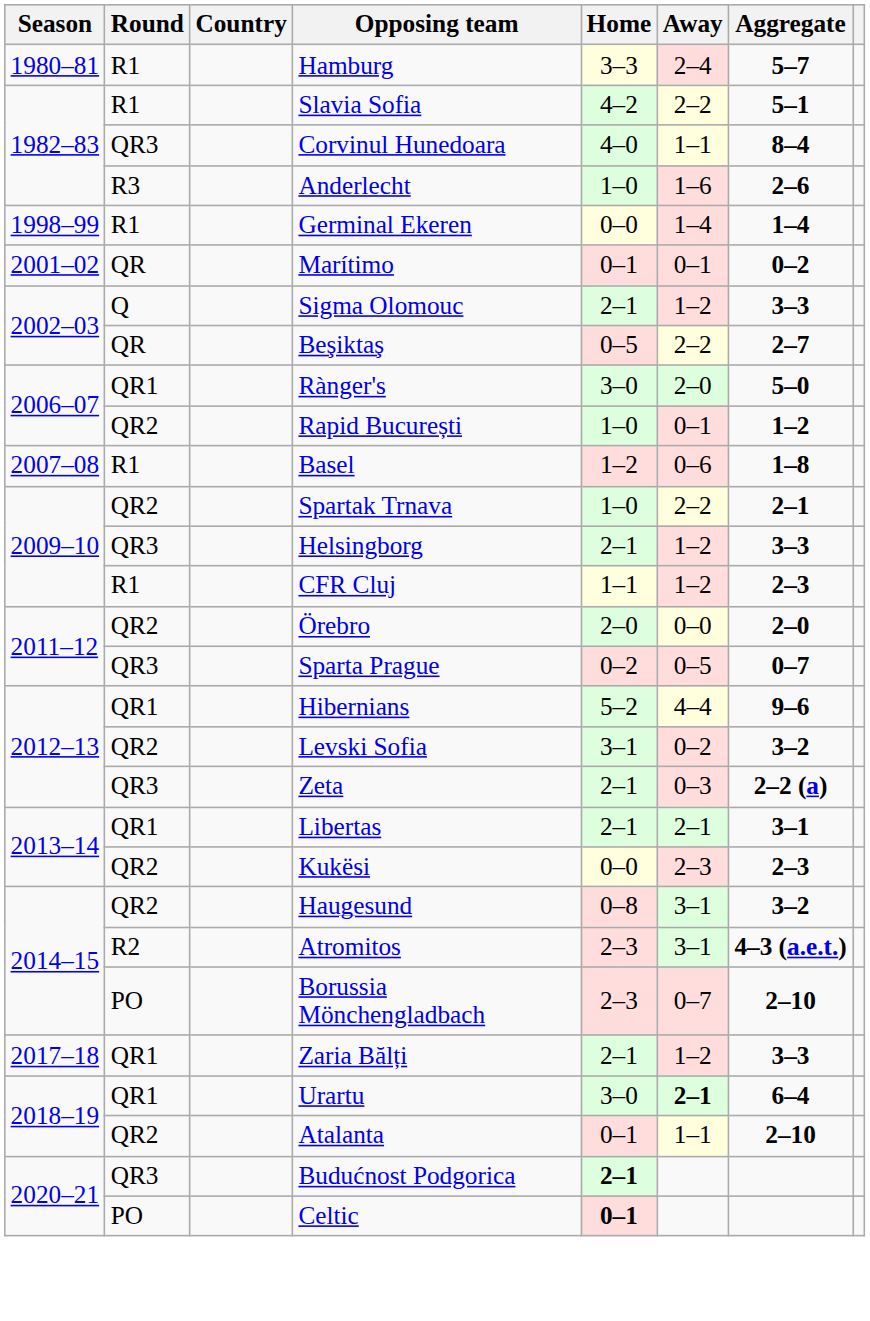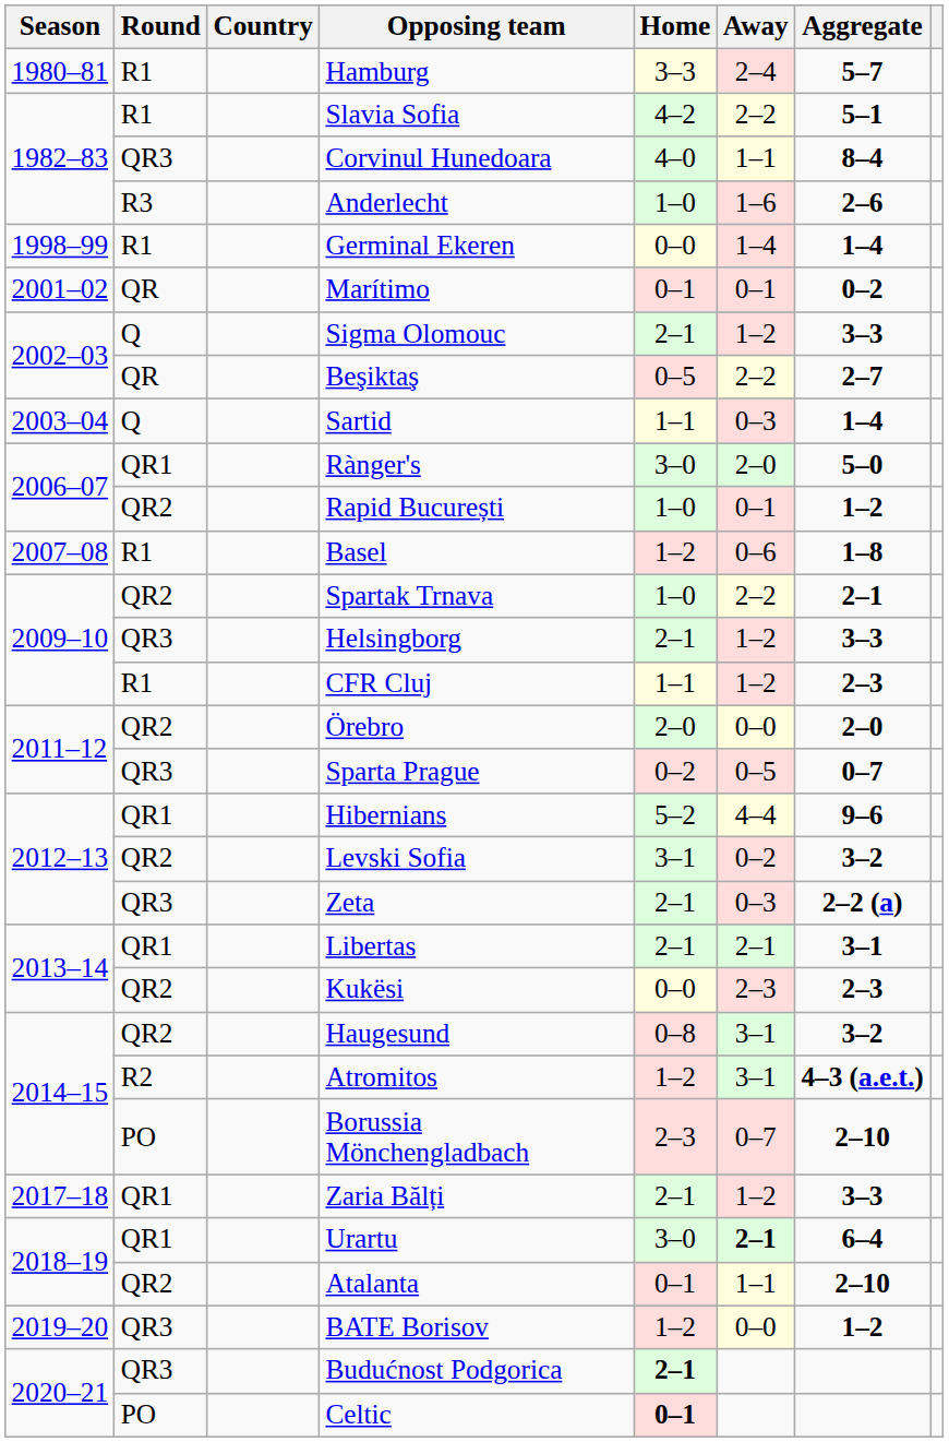 <table class="wikitable">
 <tr>
 <th>Season</th>
 <th>Round</th>
 <th>Country</th>
 <th width=175>Opposing team</th>
 <th>Home</th>
 <th>Away</th>
 <th>Aggregate</th>
 <th></th>
 </tr>
 <tr>
 <td><a href='#'>1980–81</a></td>
 <td>R1</td>
 <td></td>
 <td><a href='#'>Hamburg</a></td>
 <td style="text-align:center; background:#ffd;">3–3</td>
 <td style="text-align:center; background:#fdd;">2–4</td>
 <td style="text-align:center;"><strong>5–7</strong></td>
 <td></td>
 </tr>
 <tr>
 <td rowspan="3"><a href='#'>1982–83</a></td>
 <td>R1</td>
 <td></td>
 <td><a href='#'>Slavia Sofia</a></td>
 <td style="text-align:center; background:#dfd;">4–2</td>
 <td style="text-align:center; background:#ffd;">2–2</td>
 <td style="text-align:center;"><strong>5–1</strong></td>
 <td></td>
 </tr>
 <tr>
 <td>QR3</td>
 <td></td>
 <td><a href='#'>Corvinul Hunedoara</a></td>
 <td style="text-align:center; background:#dfd;">4–0</td>
 <td style="text-align:center; background:#ffd;">1–1</td>
 <td style="text-align:center;"><strong>8–4</strong></td>
 <td></td>
 </tr>
 <tr>
 <td>R3</td>
 <td></td>
 <td><a href='#'>Anderlecht</a></td>
 <td style="text-align:center; background:#dfd;">1–0</td>
 <td style="text-align:center; background:#fdd;">1–6</td>
 <td style="text-align:center;"><strong>2–6</strong></td>
 <td></td>
 </tr>
 <tr>
 <td><a href='#'>1998–99</a></td>
 <td>R1</td>
 <td></td>
 <td><a href='#'>Germinal Ekeren</a></td>
 <td style="text-align:center; background:#ffd;">0–0</td>
 <td style="text-align:center; background:#fdd;">1–4</td>
 <td style="text-align:center;"><strong>1–4</strong></td>
 <td></td>
 </tr>
 <tr>
 <td><a href='#'>2001–02</a></td>
 <td>QR</td>
 <td></td>
 <td><a href='#'>Marítimo</a></td>
 <td style="text-align:center; background:#fdd;">0–1</td>
 <td style="text-align:center; background:#fdd;">0–1</td>
 <td style="text-align:center;"><strong>0–2</strong></td>
 <td></td>
 </tr>
 <tr>
 <td rowspan="2"><a href='#'>2002–03</a></td>
 <td>Q</td>
 <td></td>
 <td><a href='#'>Sigma Olomouc</a></td>
 <td style="text-align:center; background:#dfd;">2–1</td>
 <td style="text-align:center; background:#fdd;">1–2</td>
 <td style="text-align:center;"><strong>3–3 </strong></td>
 <td></td>
 </tr>
 <tr>
 <td>QR</td>
 <td></td>
 <td><a href='#'>Beşiktaş</a></td>
 <td style="text-align:center; background:#fdd;">0–5</td>
 <td style="text-align:center; background:#ffd;">2–2</td>
 <td style="text-align:center;"><strong>2–7</strong></td>
+<td></td>
+</tr>
+<tr>
+<td><a href='#'>2003–04</a></td>
+<td>Q</td>
+<td></td>
+<td><a href='#'>Sartid</a></td>
+<td style="text-align:center; background:#ffd;">1–1</td>
+<td style="text-align:center; background:#fdd;">0–3</td>
+<td style="text-align:center;"><strong>1–4</strong></td>
 <td></td>
 </tr>
 <tr>
 <td rowspan="2"><a href='#'>2006–07</a></td>
 <td>QR1</td>
 <td></td>
 <td><a href='#'>Rànger's</a></td>
 <td style="text-align:center; background:#dfd;">3–0</td>
 <td style="text-align:center; background:#dfd;">2–0</td>
 <td style="text-align:center;"><strong>5–0</strong></td>
 <td></td>
 </tr>
 <tr>
 <td>QR2</td>
 <td></td>
 <td><a href='#'>Rapid București</a></td>
 <td style="text-align:center; background:#dfd;">1–0</td>
 <td style="text-align:center; background:#fdd;">0–1</td>
 <td style="text-align:center;"><strong>1–2</strong></td>
 <td></td>
 </tr>
 <tr>
 <td><a href='#'>2007–08</a></td>
 <td>R1</td>
 <td></td>
 <td><a href='#'>Basel</a></td>
 <td style="text-align:center; background:#fdd;">1–2</td>
 <td style="text-align:center; background:#fdd;">0–6</td>
 <td style="text-align:center;"><strong>1–8</strong></td>
 <td></td>
 </tr>
 <tr>
 <td rowspan="3"><a href='#'>2009–10</a></td>
 <td>QR2</td>
 <td></td>
 <td><a href='#'>Spartak Trnava</a></td>
 <td style="text-align:center; background:#dfd;">1–0</td>
 <td style="text-align:center; background:#ffd;">2–2</td>
 <td style="text-align:center;"><strong>2–1</strong></td>
 <td></td>
 </tr>
 <tr>
 <td>QR3</td>
 <td></td>
 <td><a href='#'>Helsingborg</a></td>
 <td style="text-align:center; background:#dfd;">2–1</td>
 <td style="text-align:center; background:#fdd;">1–2</td>
 <td style="text-align:center;"><strong>3–3 </strong></td>
 <td></td>
 </tr>
 <tr>
 <td>R1</td>
 <td></td>
 <td><a href='#'>CFR Cluj</a></td>
 <td style="text-align:center; background:#ffd;">1–1</td>
 <td style="text-align:center; background:#fdd;">1–2</td>
 <td style="text-align:center;"><strong>2–3</strong></td>
 <td></td>
 </tr>
 <tr>
 <td rowspan="2"><a href='#'>2011–12</a></td>
 <td>QR2</td>
 <td></td>
 <td><a href='#'>Örebro</a></td>
 <td style="text-align:center; background:#dfd;">2–0</td>
 <td style="text-align:center; background:#ffd;">0–0</td>
 <td style="text-align:center;"><strong>2–0</strong></td>
 <td></td>
 </tr>
 <tr>
 <td>QR3</td>
 <td></td>
 <td><a href='#'>Sparta Prague</a></td>
 <td style="text-align:center; background:#fdd;">0–2</td>
 <td style="text-align:center; background:#fdd;">0–5</td>
 <td style="text-align:center;"><strong>0–7</strong></td>
 <td></td>
 </tr>
 <tr>
 <td rowspan="3"><a href='#'>2012–13</a></td>
 <td>QR1</td>
 <td></td>
 <td><a href='#'>Hibernians</a></td>
 <td style="text-align:center; background:#dfd;">5–2</td>
 <td style="text-align:center; background:#ffd;">4–4</td>
 <td style="text-align:center;"><strong>9–6</strong></td>
 <td></td>
 </tr>
 <tr>
 <td>QR2</td>
 <td></td>
 <td><a href='#'>Levski Sofia</a></td>
 <td style="text-align:center; background:#dfd;">3–1</td>
 <td style="text-align:center; background:#fdd;">0–2</td>
 <td style="text-align:center;"><strong>3–2</strong></td>
 <td></td>
 </tr>
 <tr>
 <td>QR3</td>
 <td></td>
 <td><a href='#'>Zeta</a></td>
 <td style="text-align:center; background:#dfd;">2–1</td>
 <td style="text-align:center; background:#fdd;">0–3</td>
 <td style="text-align:center;"><strong>2–2 (<a href='#'>a</a>)</strong></td>
 <td></td>
 </tr>
 <tr>
 <td rowspan="2"><a href='#'>2013–14</a></td>
 <td>QR1</td>
 <td></td>
 <td><a href='#'>Libertas</a></td>
 <td style="text-align:center; background:#dfd;">2–1</td>
 <td style="text-align:center; background:#dfd;">2–1</td>
 <td style="text-align:center;"><strong>3–1</strong></td>
 <td></td>
 </tr>
 <tr>
 <td>QR2</td>
 <td></td>
 <td><a href='#'>Kukësi</a></td>
 <td style="text-align:center; background:#ffd;">0–0</td>
 <td style="text-align:center; background:#fdd;">2–3</td>
 <td style="text-align:center;"><strong>2–3</strong></td>
 <td></td>
 </tr>
 <tr>
 <td rowspan="3"><a href='#'>2014–15</a></td>
 <td>QR2</td>
 <td></td>
 <td><a href='#'>Haugesund</a></td>
 <td style="text-align:center; background:#fdd;">0–8</td>
 <td style="text-align:center; background:#dfd;">3–1</td>
 <td style="text-align:center;"><strong>3–2</strong></td>
 <td></td>
 </tr>
 <tr>
 <td>R2</td>
 <td></td>
 <td><a href='#'>Atromitos</a></td>
-<td style="text-align:center; background:#fdd;">2–3</td>
+<td style="text-align:center; background:#fdd;">1–2</td>
 <td style="text-align:center; background:#dfd;">3–1</td>
 <td style="text-align:center;"><strong>4–3 (<a href='#'>a.e.t.</a>)</strong></td>
 <td></td>
 </tr>
 <tr>
 <td>PO</td>
 <td></td>
 <td><a href='#'>Borussia Mönchengladbach</a></td>
 <td style="text-align:center; background:#fdd;">2–3</td>
 <td style="text-align:center; background:#fdd;">0–7</td>
 <td style="text-align:center;"><strong>2–10</strong></td>
 <td></td>
 </tr>
 <tr>
 <td><a href='#'>2017–18</a></td>
 <td>QR1</td>
 <td></td>
 <td><a href='#'>Zaria Bălți</a></td>
 <td style="text-align:center; background:#dfd;">2–1</td>
 <td style="text-align:center; background:#fdd;">1–2</td>
 <td style="text-align:center;"><strong>3–3 </strong></td>
 <td></td>
 </tr>
 <tr>
 <td rowspan="2"><a href='#'>2018–19</a></td>
 <td>QR1</td>
 <td></td>
 <td><a href='#'>Urartu</a></td>
 <td style="text-align:center; background:#dfd;">3–0</td>
 <td style="text-align:center; background:#dfd;"><strong>2–1</strong></td>
 <td style="text-align:center;"><strong>6–4</strong></td>
 <td></td>
 </tr>
 <tr>
 <td>QR2</td>
 <td></td>
 <td><a href='#'>Atalanta</a></td>
 <td style="text-align:center; background:#fdd;">0–1</td>
 <td style="text-align:center; background:#ffd;">1–1</td>
 <td style="text-align:center;"><strong>2–10</strong></td>
 <td></td>
 </tr>
 <tr>
+<td><a href='#'>2019–20</a></td>
+<td>QR3</td>
+<td></td>
+<td><a href='#'>BATE Borisov</a></td>
+<td style="text-align:center;background:#fdd;">1–2</td>
+<td style="text-align:center;background:#ffd;">0–0</td>
+<td style="text-align:center;"><strong>1–2</strong></td>
+<td></td>
+</tr>
+<tr>
 <td rowspan="2"><a href='#'>2020–21</a></td>
 <td>QR3</td>
 <td></td>
 <td><a href='#'>Budućnost Podgorica</a></td>
 <td style="text-align:center; background:#dfd;"><strong>2–1</strong></td>
 <td></td>
 <td></td>
 <td></td>
 </tr>
 <tr>
 <td>PO</td>
 <td></td>
 <td><a href='#'>Celtic</a></td>
 <td style="text-align:center;background:#fdd;"><strong>0–1</strong></td>
 <td></td>
 <td></td>
 <td></td>
 </tr>
 </table>
